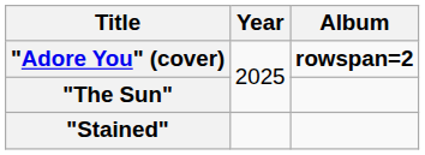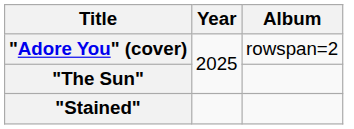 <table class="wikitable plainrowheaders">
 <tr>
 <th scope=col>Title</th>
 <th scope=col>Year</th>
 <th scope=col>Album</th>
 </tr>
 <tr>
 <th scope=row>"<a href='#'>Adore You</a>" (cover)</th>
 <td rowspan=2>2025</td>
-<td><strong>rowspan=2 </strong></td>
+<td>rowspan=2 </td>
 </tr>
 <tr>
 <th scope="row">"The Sun"</th>
 </tr>
 <tr>
 <th>"Stained"<strong></strong></th>
 <td></td>
 <td></td>
 </tr>
 </table>
